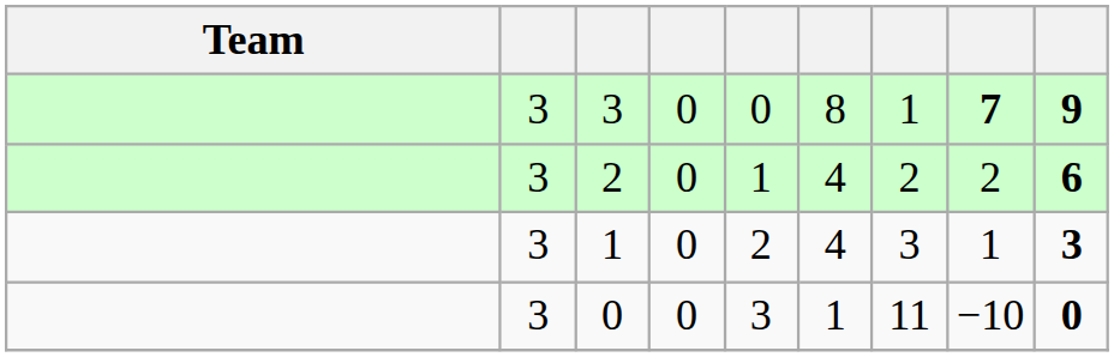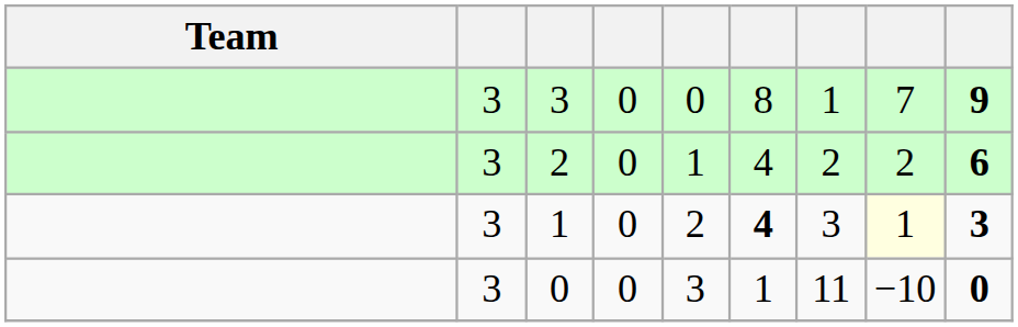 <table class="wikitable" style="text-align: center;">
 <tr>
 <th width="175">Team</th>
 <th width="20"></th>
 <th width="20"></th>
 <th width="20"></th>
 <th width="20"></th>
 <th width="20"></th>
 <th width="20"></th>
 <th width="20"></th>
 <th width="20"></th>
 </tr>
 <tr bgcolor="#ccffcc">
 <td align=left></td>
 <td>3</td>
 <td>3</td>
 <td>0</td>
 <td>0</td>
 <td>8</td>
 <td>1</td>
-<td><strong>7</strong></td>
+<td>7</td>
 <td><strong>9</strong></td>
 </tr>
 <tr bgcolor="#ccffcc">
 <td align=left></td>
 <td>3</td>
 <td>2</td>
 <td>0</td>
 <td>1</td>
 <td>4</td>
 <td>2</td>
 <td>2</td>
 <td><strong>6</strong></td>
 </tr>
 <tr>
 <td align=left></td>
 <td>3</td>
 <td>1</td>
 <td>0</td>
 <td>2</td>
-<td>4</td>
+<td><strong>4</strong></td>
 <td>3</td>
-<td>1</td>
+<td style="background: lightyellow;">1</td>
 <td><strong>3</strong></td>
 </tr>
 <tr>
 <td align=left></td>
 <td>3</td>
 <td>0</td>
 <td>0</td>
 <td>3</td>
 <td>1</td>
 <td>11</td>
 <td>−10</td>
 <td><strong>0</strong></td>
 </tr>
 <tr>
 </tr>
 </table>
